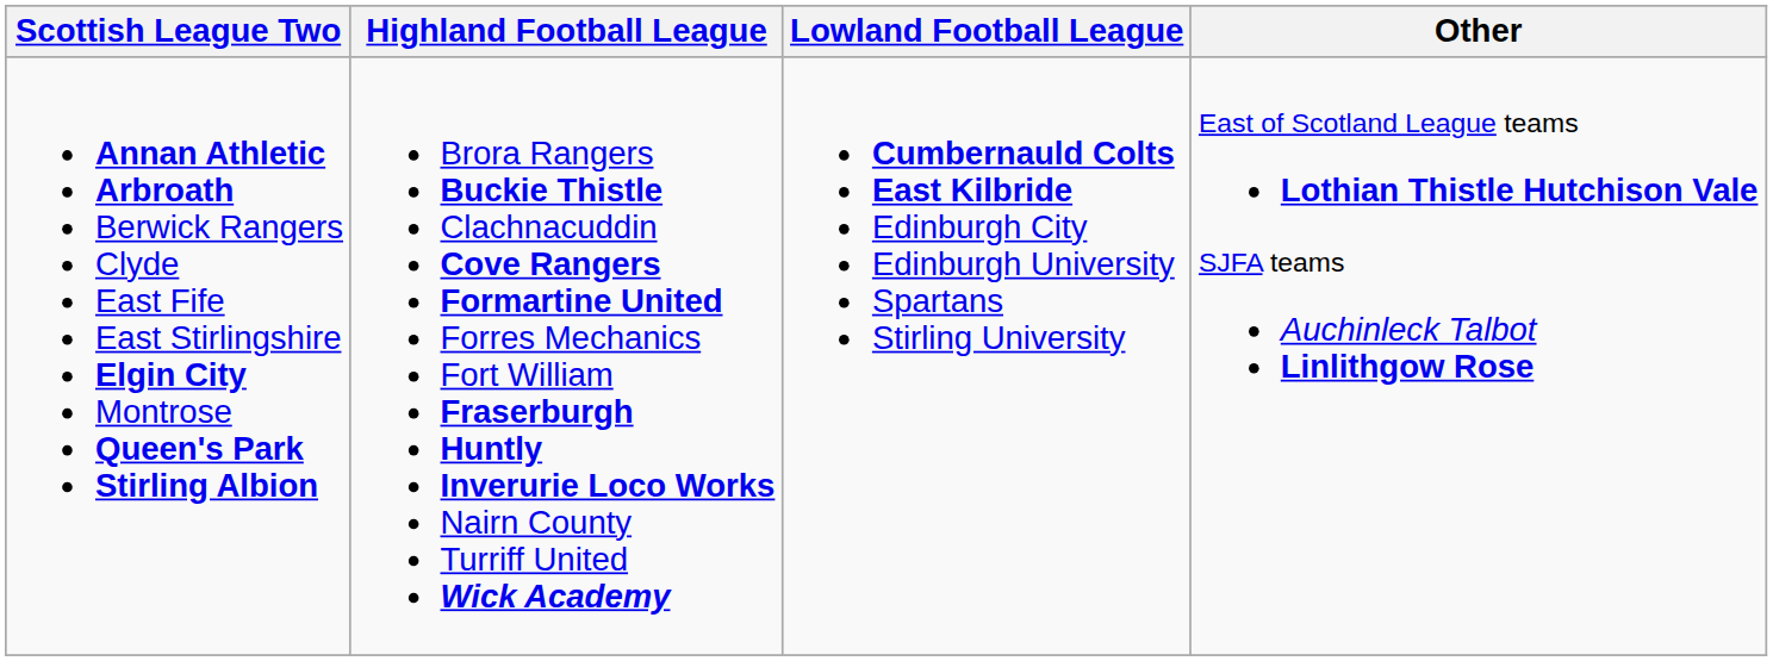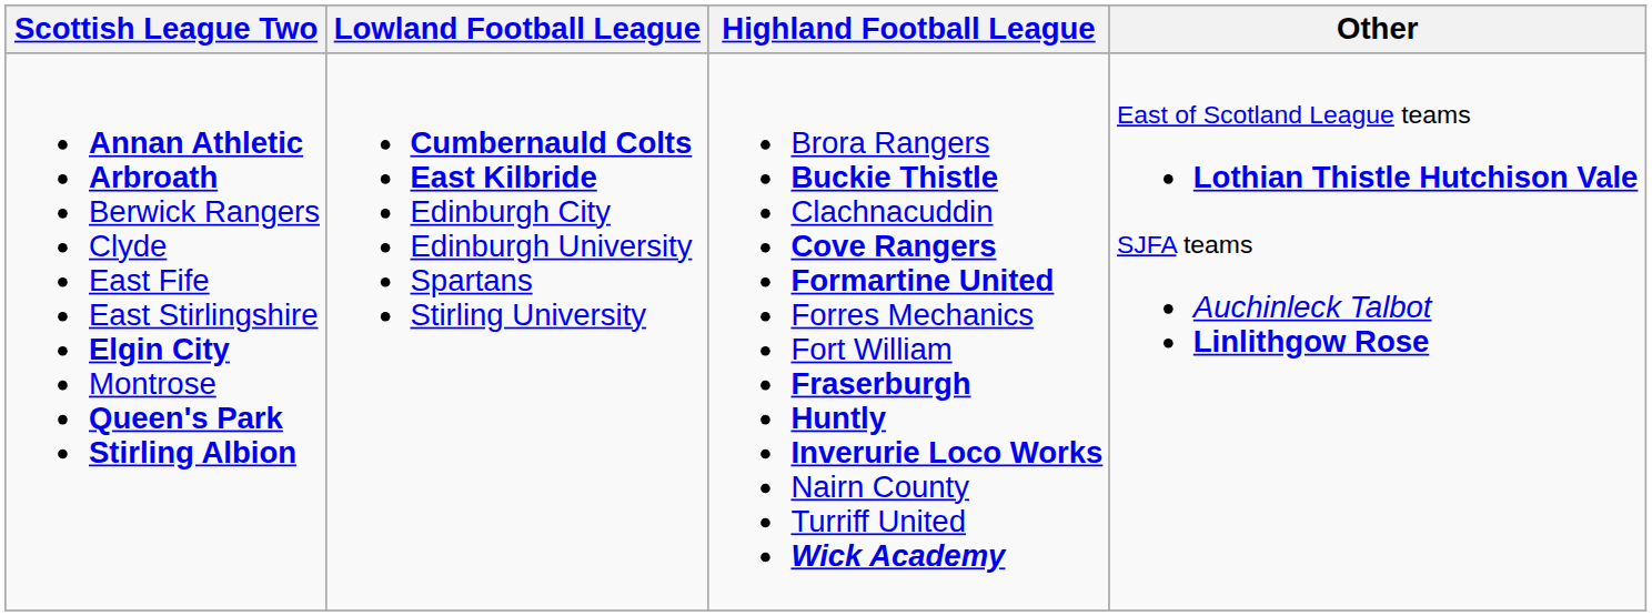 <table class="wikitable">
 <tr>
 <th><a href='#'>Scottish League Two</a></th>
+<th><a href='#'>Lowland Football League</a></th>
 <th><a href='#'>Highland Football League</a></th>
-<th><a href='#'>Lowland Football League</a></th>
 <th>Other</th>
 </tr>
 <tr>
 <td valign=top><br><ul><li><strong><a href='#'>Annan Athletic</a></strong></li><li><strong><a href='#'>Arbroath</a></strong></li><li><a href='#'>Berwick Rangers</a></li><li><a href='#'>Clyde</a></li><li><a href='#'>East Fife</a></li><li><a href='#'>East Stirlingshire</a></li><li><strong><a href='#'>Elgin City</a></strong></li><li><a href='#'>Montrose</a></li><li><strong><a href='#'>Queen's Park</a></strong></li><li><strong><a href='#'>Stirling Albion</a></strong></li></ul></td>
+<td valign=top><br><ul><li><strong><a href='#'>Cumbernauld Colts</a></strong></li><li><strong><a href='#'>East Kilbride</a></strong></li><li><a href='#'>Edinburgh City</a></li><li><a href='#'>Edinburgh University</a></li><li><a href='#'>Spartans</a></li><li><a href='#'>Stirling University</a></li></ul></td>
 <td valign=top><br><ul><li><a href='#'>Brora Rangers</a></li><li><strong><a href='#'>Buckie Thistle</a></strong></li><li><a href='#'>Clachnacuddin</a></li><li><strong><a href='#'>Cove Rangers</a></strong></li><li><strong><a href='#'>Formartine United</a></strong></li><li><a href='#'>Forres Mechanics</a></li><li><a href='#'>Fort William</a></li><li><strong><a href='#'>Fraserburgh</a></strong></li><li><strong><a href='#'>Huntly</a></strong></li><li><strong><a href='#'>Inverurie Loco Works</a></strong></li><li><a href='#'>Nairn County</a></li><li><a href='#'>Turriff United</a></li><li><strong><em><a href='#'>Wick Academy</a></em></strong></li></ul></td>
-<td valign=top><br><ul><li><strong><a href='#'>Cumbernauld Colts</a></strong></li><li><strong><a href='#'>East Kilbride</a></strong></li><li><a href='#'>Edinburgh City</a></li><li><a href='#'>Edinburgh University</a></li><li><a href='#'>Spartans</a></li><li><a href='#'>Stirling University</a></li></ul></td>
 <td valign=top><br><small><a href='#'>East of Scotland League</a> teams</small><ul><li><strong><a href='#'>Lothian Thistle Hutchison Vale</a></strong></li></ul><small><a href='#'>SJFA</a> teams</small><ul><li><em><a href='#'>Auchinleck Talbot</a></em></li><li><strong><a href='#'>Linlithgow Rose</a></strong></li></ul></td>
 </tr>
 </table>
